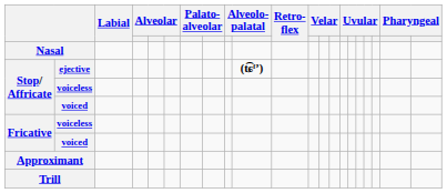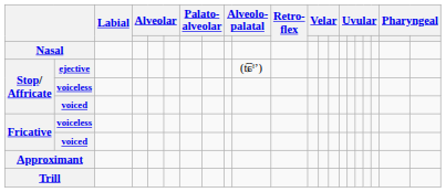 <table + class="wikitable" style="text-align: center">
 <tr>
 <th rowspan=2 colspan=2></th>
 <th rowspan=2><a href='#'>Labial</a></th>
 <th colspan="3"><a href='#'>Alveolar</a></th>
 <th colspan=2><a href='#'>Palato-<br>alveolar</a></th>
 <th colspan=2><a href='#'>Alveolo-<br>palatal</a></th>
 <th rowspan=2><a href='#'>Retro-<br>flex</a></th>
 <th colspan="3"><a href='#'>Velar</a></th>
 <th colspan="5"><a href='#'>Uvular</a></th>
 <th colspan=2><a href='#'>Pharyngeal</a></th>
 </tr>
 <tr class=small>
 <th></th>
 <th></th>
 <th></th>
 <th></th>
 <th></th>
 <th></th>
 <th></th>
 <th></th>
 <th></th>
 <th></th>
 <th></th>
 <th></th>
 <th></th>
 <th></th>
 <th></th>
 <th></th>
 <th></th>
 </tr>
 <tr>
 <th colspan=2><a href='#'>Nasal</a></th>
 <td></td>
 <td></td>
 <td></td>
 <td></td>
 <td></td>
 <td></td>
 <td></td>
 <td></td>
 <td></td>
 <td></td>
 <td></td>
 <td></td>
 <td></td>
 <td></td>
 <td></td>
 <td></td>
 <td></td>
 <td></td>
 <td></td>
 </tr>
 <tr>
 <th rowspan=3><a href='#'>Stop</a>/<br><a href='#'>Affricate</a></th>
 <th><small><a href='#'>ejective</a></small></th>
 <td></td>
 <td></td>
 <td> <span></span></td>
 <td></td>
 <td></td>
 <td></td>
 <td><span><strong></strong></span></td>
-<td><strong> <span>(t͡ɕᶠ’)</span></strong></td>
+<td> <span>(t͡ɕᶠ’)</span></td>
 <td></td>
 <td></td>
 <td></td>
 <td></td>
 <td></td>
 <td></td>
 <td></td>
 <td></td>
 <td></td>
 <td></td>
 <td></td>
 </tr>
 <tr>
 <th><small><a href='#'>voiceless</a></small></th>
 <td></td>
 <td></td>
 <td> <span></span></td>
 <td></td>
 <td></td>
 <td></td>
 <td><span></span><span><strong></strong></span></td>
 <td> <span></span></td>
 <td></td>
 <td></td>
 <td></td>
 <td></td>
 <td></td>
 <td></td>
 <td></td>
 <td></td>
 <td></td>
 <td></td>
 <td></td>
 </tr>
 <tr>
 <th><small><a href='#'>voiced</a></small></th>
 <td></td>
 <td></td>
 <td> <span></span></td>
 <td></td>
 <td></td>
 <td></td>
 <td><span><strong></strong></span></td>
 <td> <span></span></td>
 <td></td>
 <td></td>
 <td></td>
 <td></td>
 <td></td>
 <td></td>
 <td></td>
 <td></td>
 <td></td>
 <td></td>
 <td></td>
 </tr>
 <tr>
 <th rowspan="2"><a href='#'>Fricative</a></th>
 <th><small><a href='#'>voiceless</a></small></th>
 <td></td>
 <td></td>
 <td></td>
 <td></td>
 <td></td>
 <td> <span></span></td>
 <td><span><strong></strong></span></td>
 <td><span><em></em></span> <span></span></td>
 <td></td>
 <td></td>
 <td></td>
 <td></td>
 <td></td>
 <td></td>
 <td></td>
 <td><span><strong></strong></span></td>
 <td><span><strong></strong></span></td>
 <td></td>
 <td> <span></span></td>
 </tr>
 <tr>
 <th><small><a href='#'>voiced</a></small></th>
 <td></td>
 <td></td>
 <td></td>
 <td></td>
 <td></td>
 <td> <span></span></td>
 <td><span><strong></strong></span></td>
 <td><span><em></em></span> <span></span></td>
 <td></td>
 <td></td>
 <td></td>
 <td></td>
 <td></td>
 <td></td>
 <td></td>
 <td></td>
 <td></td>
 <td></td>
 <td></td>
 </tr>
 <tr>
 <th colspan="2"><a href='#'>Approximant</a></th>
 <td></td>
 <td></td>
 <td></td>
 <td></td>
 <td></td>
 <td></td>
 <td></td>
 <td></td>
 <td></td>
 <td></td>
 <td></td>
 <td></td>
 <td></td>
 <td></td>
 <td></td>
 <td></td>
 <td></td>
 <td></td>
 <td></td>
 </tr>
 <tr>
 <th colspan="2"><a href='#'>Trill</a></th>
 <td></td>
 <td></td>
 <td></td>
 <td></td>
 <td></td>
 <td></td>
 <td></td>
 <td></td>
 <td></td>
 <td></td>
 <td></td>
 <td></td>
 <td></td>
 <td></td>
 <td></td>
 <td></td>
 <td></td>
 <td></td>
 <td></td>
 </tr>
 </table>
